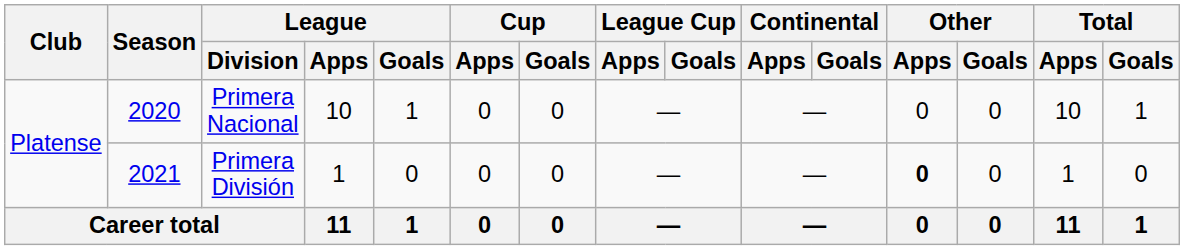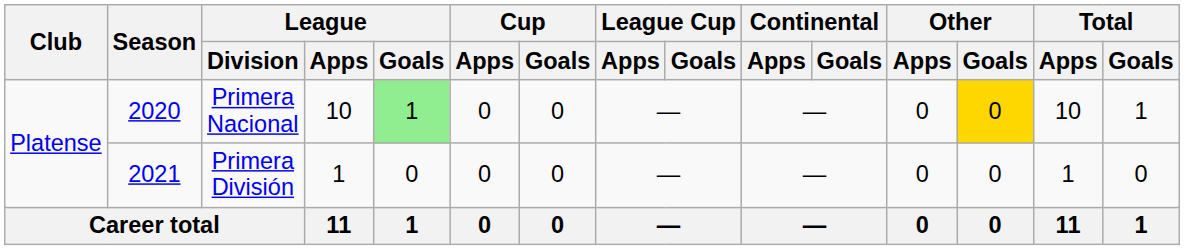 <table class="wikitable" style="text-align:center">
 <tr>
 <th rowspan="2">Club</th>
 <th rowspan="2">Season</th>
 <th colspan="3">League</th>
 <th colspan="2">Cup</th>
 <th colspan="2">League Cup</th>
 <th colspan="2">Continental</th>
 <th colspan="2">Other</th>
 <th colspan="2">Total</th>
 </tr>
 <tr>
 <th>Division</th>
 <th>Apps</th>
 <th>Goals</th>
 <th>Apps</th>
 <th>Goals</th>
 <th>Apps</th>
 <th>Goals</th>
 <th>Apps</th>
 <th>Goals</th>
 <th>Apps</th>
 <th>Goals</th>
 <th>Apps</th>
 <th>Goals</th>
 </tr>
 <tr>
 <td rowspan="2"><a href='#'>Platense</a></td>
 <td><a href='#'>2020</a></td>
 <td rowspan="1"><a href='#'>Primera Nacional</a></td>
 <td>10</td>
-<td>1</td>
+<td style="background: lightgreen;">1</td>
 <td>0</td>
 <td>0</td>
 <td colspan="2">—</td>
 <td colspan="2">—</td>
 <td>0</td>
-<td>0</td>
+<td style="background: gold;">0</td>
 <td>10</td>
 <td>1</td>
 </tr>
 <tr>
 <td><a href='#'>2021</a></td>
 <td rowspan="1"><a href='#'>Primera División</a></td>
 <td>1</td>
 <td>0</td>
 <td>0</td>
 <td>0</td>
 <td colspan="2">—</td>
 <td colspan="2">—</td>
-<td><strong>0</strong></td>
+<td>0</td>
 <td>0</td>
 <td>1</td>
 <td>0</td>
 </tr>
 <tr>
 <th colspan="3">Career total</th>
 <th>11</th>
 <th>1</th>
 <th>0</th>
 <th>0</th>
 <th colspan="2">—</th>
 <th colspan="2">—</th>
 <th>0</th>
 <th>0</th>
 <th>11</th>
 <th>1</th>
 </tr>
 </table>
